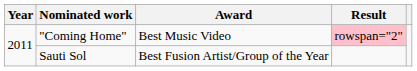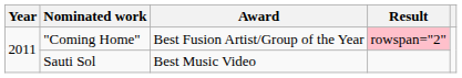 <table class ="wikitable">
 <tr>
 <th>Year</th>
 <th>Nominated work</th>
 <th>Award</th>
 <th>Result</th>
 <th></th>
 </tr>
 <tr>
 <td rowspan="2">2011</td>
 <td>"Coming Home"</td>
-<td>Best Music Video</td>
+<td>Best Fusion Artist/Group of the Year</td>
 <td style="background: pink;">rowspan="2" </td>
 <td rowspan="2"></td>
 </tr>
 <tr>
 <td>Sauti Sol</td>
-<td>Best Fusion Artist/Group of the Year</td>
+<td>Best Music Video</td>
 </tr>
 </table>
